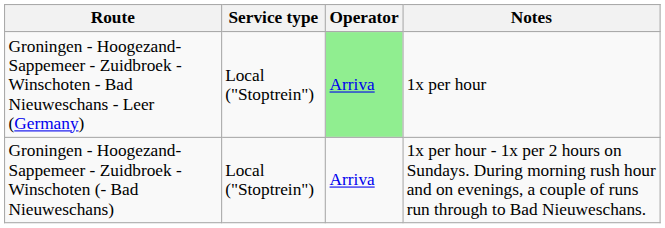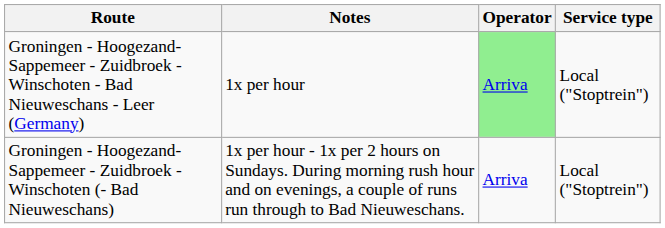 <table class="wikitable">
 <tr>
 <th>Route</th>
+<th>Notes</th>
+<th>Operator</th>
 <th>Service type</th>
-<th>Operator</th>
-<th>Notes</th>
 </tr>
 <tr>
 <td>Groningen - Hoogezand-Sappemeer - Zuidbroek - Winschoten - Bad Nieuweschans - Leer (<a href='#'>Germany</a>)</td>
+<td>1x per hour</td>
+<td style="background: lightgreen;"><a href='#'>Arriva</a></td>
 <td>Local ("Stoptrein")</td>
-<td style="background: lightgreen;"><a href='#'>Arriva</a></td>
-<td>1x per hour</td>
 </tr>
 <tr>
 <td>Groningen - Hoogezand-Sappemeer - Zuidbroek - Winschoten (- Bad Nieuweschans)</td>
+<td>1x per hour - 1x per 2 hours on Sundays. During morning rush hour and on evenings, a couple of runs run through to Bad Nieuweschans.</td>
+<td><a href='#'>Arriva</a></td>
 <td>Local ("Stoptrein")</td>
-<td><a href='#'>Arriva</a></td>
-<td>1x per hour - 1x per 2 hours on Sundays. During morning rush hour and on evenings, a couple of runs run through to Bad Nieuweschans.</td>
 </tr>
 </table>
